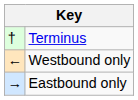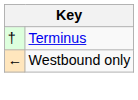 <table class="wikitable">
 <tr>
 <th colspan="2">Key</th>
 </tr>
 <tr>
 <td style="background-color:#ddffdd">†</td>
 <td><a href='#'>Terminus</a></td>
 </tr>
 <tr>
 <td style="background-color:#FFE6BD">←</td>
 <td>Westbound only</td>
 </tr>
-<tr>
-<td style="background-color:#D0E7FF">→</td>
-<td>Eastbound only</td>
-</tr>
 </table>
